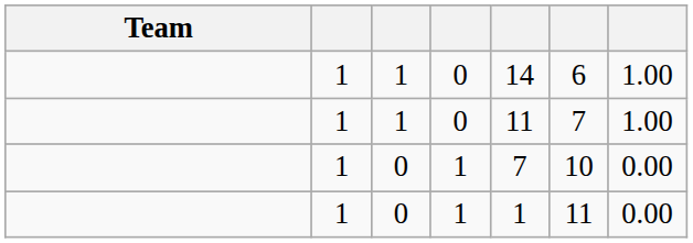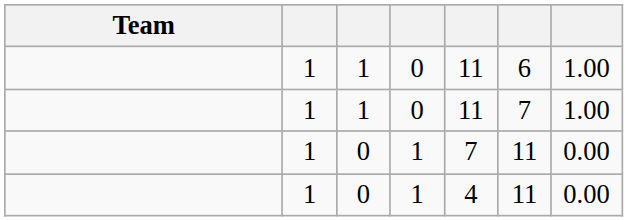 <table class="wikitable" style="text-align: center; font-size:100% ">
 <tr>
 <th width="160">Team</th>
 <th width="25"></th>
 <th width="25"></th>
 <th width="25"></th>
 <th width="25"></th>
 <th width="25"></th>
 <th width="35"></th>
 </tr>
 <tr>
 <td align=left></td>
 <td>1</td>
 <td>1</td>
 <td>0</td>
-<td>14</td>
+<td>11</td>
 <td>6</td>
 <td>1.00</td>
 </tr>
 <tr>
 <td align=left></td>
 <td>1</td>
 <td>1</td>
 <td>0</td>
 <td>11</td>
 <td>7</td>
 <td>1.00</td>
 </tr>
 <tr>
 <td align=left></td>
 <td>1</td>
 <td>0</td>
 <td>1</td>
 <td>7</td>
-<td>10</td>
+<td>11</td>
 <td>0.00</td>
 </tr>
 <tr>
 <td align=left></td>
 <td>1</td>
 <td>0</td>
 <td>1</td>
-<td>1</td>
+<td>4</td>
 <td>11</td>
 <td>0.00</td>
 </tr>
 </table>
